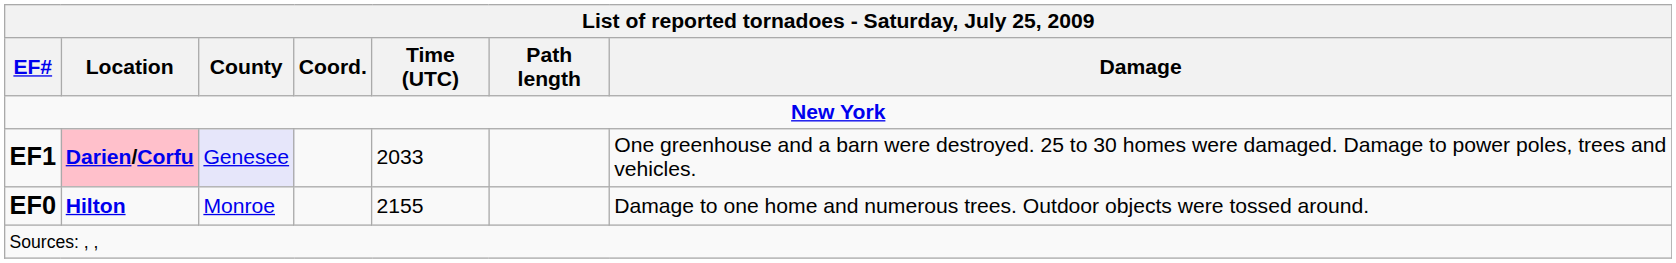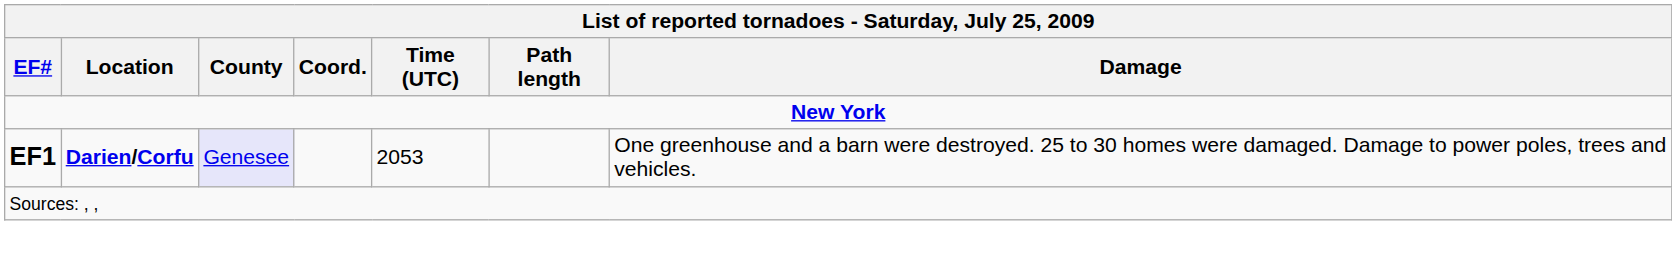 <table class="wikitable collapsible" style="width:100%;">
 <tr>
 <th colspan="7">List of reported tornadoes - Saturday, July 25, 2009</th>
 </tr>
 <tr>
 <th><a href='#'>EF#</a></th>
 <th>Location</th>
 <th>County</th>
 <th>Coord.</th>
 <th>Time (UTC)</th>
 <th>Path length</th>
 <th>Damage</th>
 </tr>
 <tr>
 <td colspan="7" style="text-align:center;"><strong><a href='#'>New York</a></strong></td>
 </tr>
 <tr>
 <td><big><strong>EF1</strong></big></td>
-<td style="background: pink;"><strong><a href='#'>Darien</a>/<a href='#'>Corfu</a></strong></td>
+<td><strong><a href='#'>Darien</a>/<a href='#'>Corfu</a></strong></td>
 <td style="background: lavender;"><a href='#'>Genesee</a></td>
 <td></td>
-<td>2033</td>
+<td>2053</td>
 <td></td>
 <td>One greenhouse and a barn were destroyed. 25 to 30 homes were damaged. Damage to power poles, trees and vehicles.</td>
-</tr>
-<tr>
-<td><big><strong>EF0</strong></big></td>
-<td><strong><a href='#'>Hilton</a></strong></td>
-<td><a href='#'>Monroe</a></td>
-<td></td>
-<td>2155</td>
-<td></td>
-<td>Damage to one home and numerous trees. Outdoor objects were tossed around.</td>
 </tr>
 <tr>
 <td colspan="7"><small>Sources: , , </small></td>
 </tr>
 </table>
